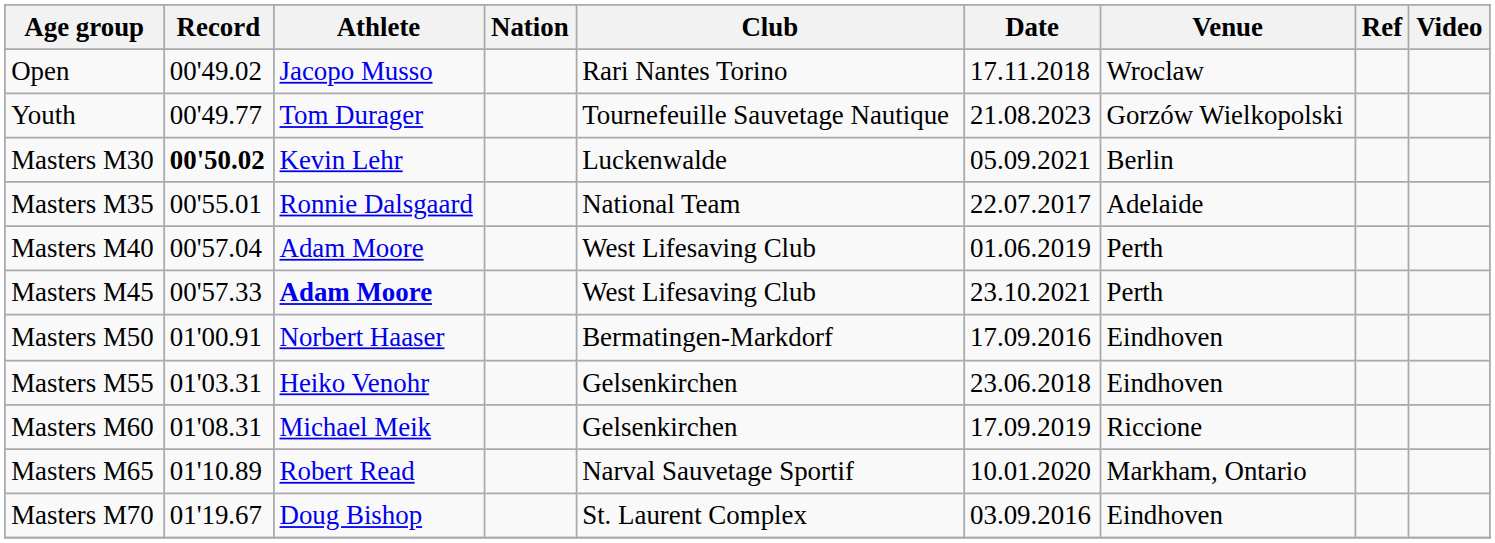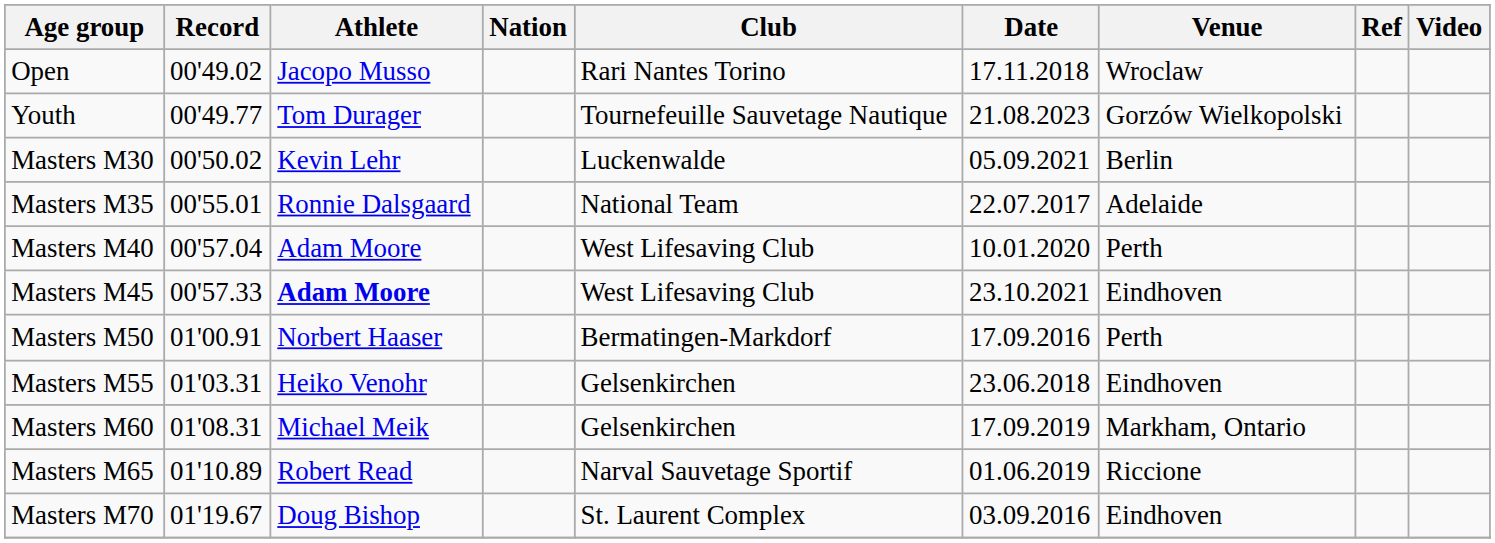 <table class="wikitable" style="font-size:95%; width: 95%;">
 <tr>
 <th>Age group</th>
 <th>Record</th>
 <th>Athlete</th>
 <th>Nation</th>
 <th>Club</th>
 <th>Date</th>
 <th>Venue</th>
 <th>Ref</th>
 <th>Video</th>
 </tr>
 <tr>
 <td>Open</td>
 <td>00'49.02</td>
 <td><a href='#'>Jacopo Musso</a></td>
 <td></td>
 <td>Rari Nantes Torino</td>
 <td>17.11.2018</td>
 <td>Wroclaw</td>
 <td></td>
 <td></td>
 </tr>
 <tr>
 <td>Youth</td>
 <td>00'49.77</td>
 <td><a href='#'>Tom Durager</a></td>
 <td></td>
 <td>Tournefeuille Sauvetage Nautique</td>
 <td>21.08.2023</td>
 <td>Gorzów Wielkopolski</td>
 <td></td>
 <td></td>
 </tr>
 <tr>
 <td>Masters M30</td>
-<td><strong>00'50.02</strong></td>
+<td>00'50.02</td>
 <td><a href='#'>Kevin Lehr</a></td>
 <td></td>
 <td>Luckenwalde</td>
 <td>05.09.2021</td>
 <td>Berlin</td>
 <td></td>
 <td></td>
 </tr>
 <tr>
 <td>Masters M35</td>
 <td>00'55.01</td>
 <td><a href='#'>Ronnie Dalsgaard</a></td>
 <td></td>
 <td>National Team</td>
 <td>22.07.2017</td>
 <td>Adelaide</td>
 <td></td>
 <td></td>
 </tr>
 <tr>
 <td>Masters M40</td>
 <td>00'57.04</td>
 <td><a href='#'>Adam Moore</a></td>
 <td></td>
 <td>West Lifesaving Club</td>
-<td>01.06.2019</td>
+<td>10.01.2020</td>
 <td>Perth</td>
 <td></td>
 <td></td>
 </tr>
 <tr>
 <td>Masters M45</td>
 <td>00'57.33</td>
 <td><strong><a href='#'>Adam Moore</a></strong></td>
 <td></td>
 <td>West Lifesaving Club</td>
 <td>23.10.2021</td>
-<td>Perth</td>
+<td>Eindhoven</td>
 <td></td>
 <td></td>
 </tr>
 <tr>
 <td>Masters M50</td>
 <td>01'00.91</td>
 <td><a href='#'>Norbert Haaser</a></td>
 <td></td>
 <td>Bermatingen-Markdorf</td>
 <td>17.09.2016</td>
-<td>Eindhoven</td>
+<td>Perth</td>
 <td></td>
 <td></td>
 </tr>
 <tr>
 <td>Masters M55</td>
 <td>01'03.31</td>
 <td><a href='#'>Heiko Venohr</a></td>
 <td></td>
 <td>Gelsenkirchen</td>
 <td>23.06.2018</td>
 <td>Eindhoven</td>
 <td></td>
 <td></td>
 </tr>
 <tr>
 <td>Masters M60</td>
 <td>01'08.31</td>
 <td><a href='#'>Michael Meik</a></td>
 <td></td>
 <td>Gelsenkirchen</td>
 <td>17.09.2019</td>
-<td>Riccione</td>
+<td>Markham, Ontario</td>
 <td></td>
 <td></td>
 </tr>
 <tr>
 <td>Masters M65</td>
 <td>01'10.89</td>
 <td><a href='#'>Robert Read</a></td>
 <td></td>
 <td>Narval Sauvetage Sportif</td>
-<td>10.01.2020</td>
-<td>Markham, Ontario</td>
+<td>01.06.2019</td>
+<td>Riccione</td>
 <td></td>
 <td></td>
 </tr>
 <tr>
 <td>Masters M70</td>
 <td>01'19.67</td>
 <td><a href='#'>Doug Bishop</a></td>
 <td></td>
 <td>St. Laurent Complex</td>
 <td>03.09.2016</td>
 <td>Eindhoven</td>
 <td></td>
 <td></td>
 </tr>
 <tr>
 </tr>
 <tr style="background:#f0f0f0;">
 </tr>
 </table>
